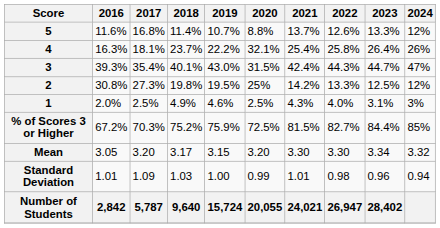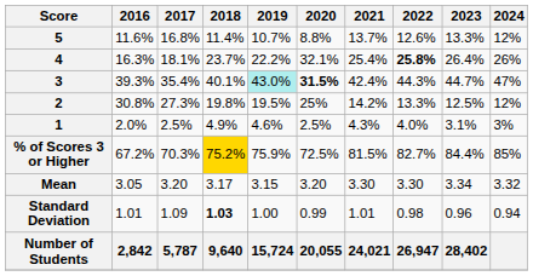 <table class="wikitable">
 <tr>
 <th>Score</th>
 <th>2016</th>
 <th>2017</th>
 <th>2018</th>
 <th>2019</th>
 <th>2020</th>
 <th>2021</th>
 <th>2022</th>
 <th>2023</th>
 <th>2024</th>
 </tr>
 <tr>
 <th>5</th>
 <td>11.6%</td>
 <td>16.8%</td>
 <td>11.4%</td>
 <td>10.7%</td>
 <td>8.8%</td>
 <td>13.7%</td>
 <td>12.6%</td>
 <td>13.3%</td>
 <td>12%</td>
 </tr>
 <tr>
 <th>4</th>
 <td>16.3%</td>
 <td>18.1%</td>
 <td>23.7%</td>
 <td>22.2%</td>
 <td>32.1%</td>
 <td>25.4%</td>
-<td>25.8%</td>
+<td><strong>25.8%</strong></td>
 <td>26.4%</td>
 <td>26%</td>
 </tr>
 <tr>
 <th>3</th>
 <td>39.3%</td>
 <td>35.4%</td>
 <td>40.1%</td>
-<td>43.0%</td>
-<td>31.5%</td>
+<td style="background: paleturquoise;">43.0%</td>
+<td><strong>31.5%</strong></td>
 <td>42.4%</td>
 <td>44.3%</td>
 <td>44.7%</td>
 <td>47%</td>
 </tr>
 <tr>
 <th>2</th>
 <td>30.8%</td>
 <td>27.3%</td>
 <td>19.8%</td>
 <td>19.5%</td>
 <td>25%</td>
 <td>14.2%</td>
 <td>13.3%</td>
 <td>12.5%</td>
 <td>12%</td>
 </tr>
 <tr>
 <th>1</th>
 <td>2.0%</td>
 <td>2.5%</td>
 <td>4.9%</td>
 <td>4.6%</td>
 <td>2.5%</td>
 <td>4.3%</td>
 <td>4.0%</td>
 <td>3.1%</td>
 <td>3%</td>
 </tr>
 <tr>
 <th>% of Scores 3 or Higher</th>
 <td>67.2%</td>
 <td>70.3%</td>
-<td>75.2%</td>
+<td style="background: gold;">75.2%</td>
 <td>75.9%</td>
 <td>72.5%</td>
 <td>81.5%</td>
 <td>82.7%</td>
 <td>84.4%</td>
 <td>85%</td>
 </tr>
 <tr>
 <th>Mean</th>
 <td>3.05</td>
 <td>3.20</td>
 <td>3.17</td>
 <td>3.15</td>
 <td>3.20</td>
 <td>3.30</td>
 <td>3.30</td>
 <td>3.34</td>
 <td>3.32</td>
 </tr>
 <tr>
 <th>Standard Deviation</th>
 <td>1.01</td>
 <td>1.09</td>
-<td>1.03</td>
+<td><strong>1.03</strong></td>
 <td>1.00</td>
 <td>0.99</td>
 <td>1.01</td>
 <td>0.98</td>
 <td>0.96</td>
 <td>0.94</td>
 </tr>
 <tr>
 <th>Number of Students</th>
 <th>2,842</th>
 <th>5,787</th>
 <th>9,640</th>
 <th>15,724</th>
 <th>20,055</th>
 <th>24,021</th>
 <th>26,947</th>
 <th>28,402</th>
 <th></th>
 </tr>
 <tr>
 </tr>
 </table>
